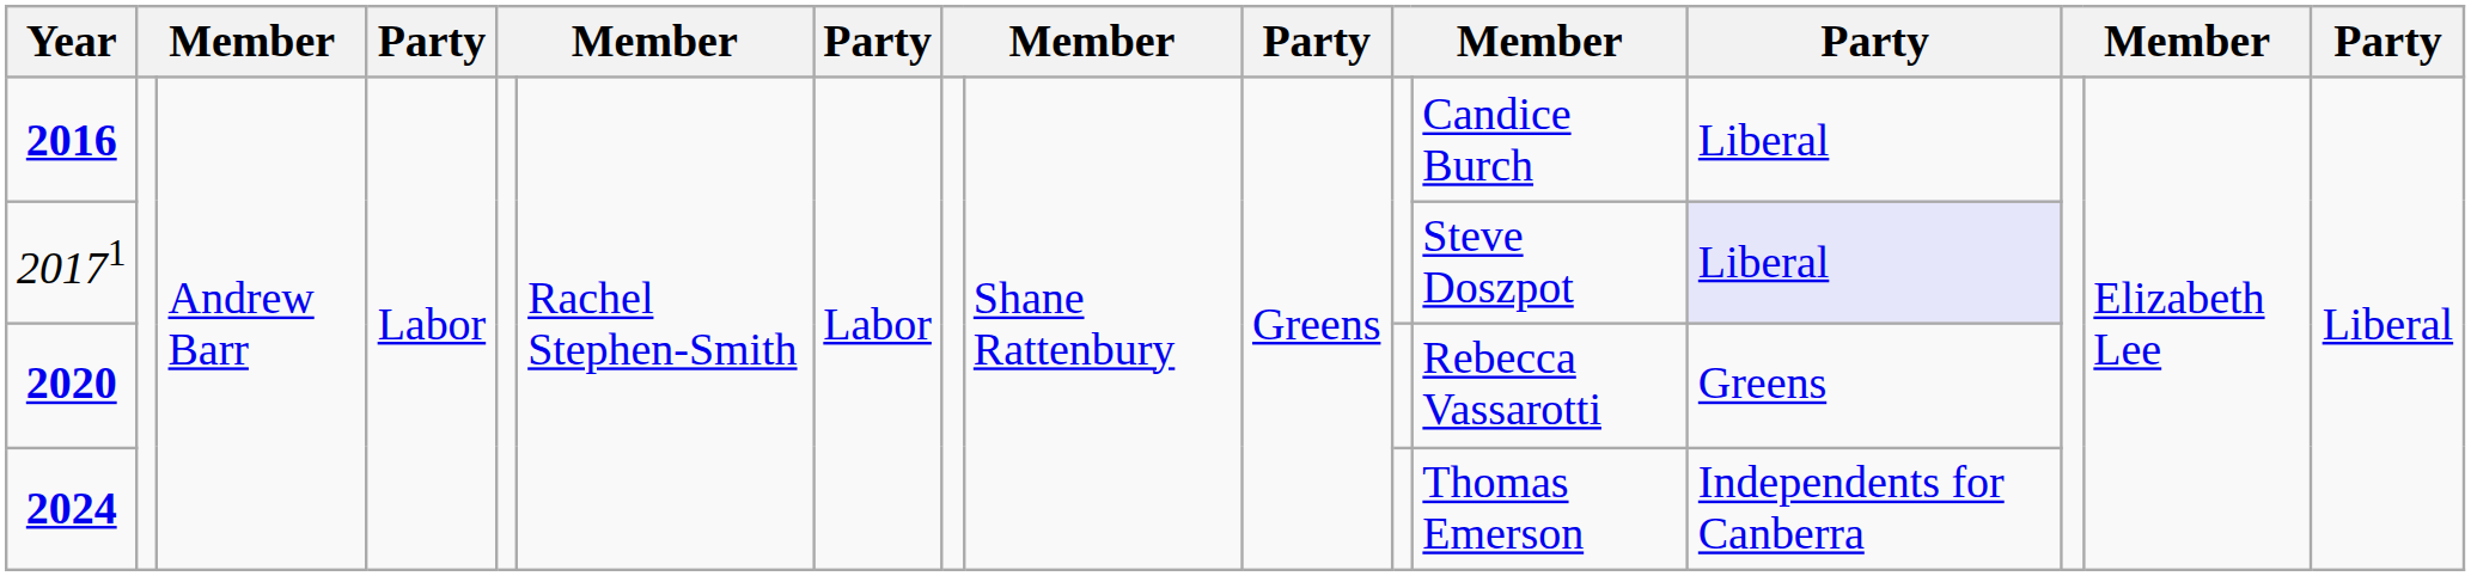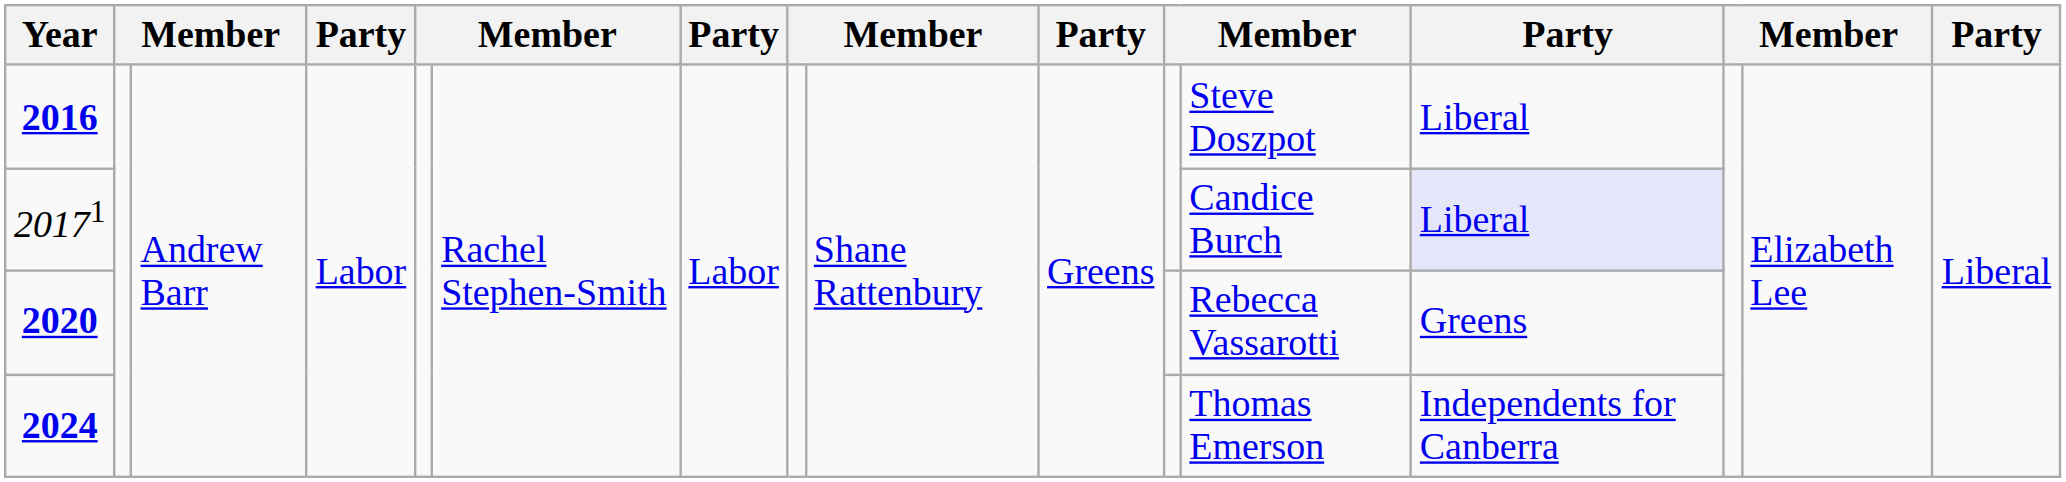 <table class=wikitable>
 <tr>
 <th>Year</th>
 <th colspan=2>Member</th>
 <th>Party</th>
 <th colspan=2>Member</th>
 <th>Party</th>
 <th colspan=2>Member</th>
 <th>Party</th>
 <th colspan=2>Member</th>
 <th>Party</th>
 <th colspan=2>Member</th>
 <th>Party</th>
 </tr>
 <tr>
 <td align=center><strong><a href='#'>2016</a></strong></td>
 <td rowspan=4 ></td>
 <td rowspan=4><a href='#'>Andrew Barr</a></td>
 <td rowspan=4><a href='#'>Labor</a></td>
 <td rowspan=4 ></td>
 <td rowspan=4><a href='#'>Rachel Stephen-Smith</a></td>
 <td rowspan=4><a href='#'>Labor</a></td>
 <td rowspan=4 ></td>
 <td rowspan=4><a href='#'>Shane Rattenbury</a></td>
 <td rowspan=4><a href='#'>Greens</a></td>
 <td rowspan=2 ></td>
-<td><a href='#'>Candice Burch</a></td>
+<td><a href='#'>Steve Doszpot</a></td>
 <td><a href='#'>Liberal</a></td>
 <td rowspan=4 ></td>
 <td rowspan=4><a href='#'>Elizabeth Lee</a></td>
 <td rowspan=4><a href='#'>Liberal</a></td>
 </tr>
 <tr>
 <td align=center><em>2017</em><sup>1</sup></td>
-<td><a href='#'>Steve Doszpot</a></td>
+<td><a href='#'>Candice Burch</a></td>
 <td style="background: lavender;"><a href='#'>Liberal</a></td>
 </tr>
 <tr>
 <td align=center><strong><a href='#'>2020</a></strong></td>
 <td></td>
 <td><a href='#'>Rebecca Vassarotti</a></td>
 <td><a href='#'>Greens</a></td>
 </tr>
 <tr>
 <td align=center><strong><a href='#'>2024</a></strong></td>
 <td></td>
 <td><a href='#'>Thomas Emerson</a></td>
 <td><a href='#'>Independents for Canberra</a></td>
 </tr>
 </table>
